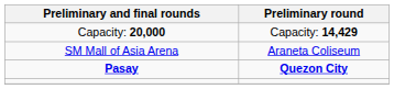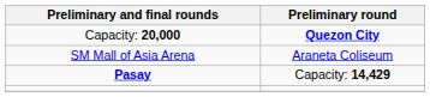 <table class="wikitable" style="text-align:center; width:60%">
 <tr>
 <th>Preliminary and final rounds</th>
 <th>Preliminary round</th>
 </tr>
 <tr>
 <td>Capacity: <strong>20,000</strong></td>
-<td>Capacity: <strong>14,429</strong></td>
+<td><strong><a href='#'>Quezon City</a></strong></td>
 </tr>
 <tr>
 <td><a href='#'>SM Mall of Asia Arena</a></td>
 <td><a href='#'>Araneta Coliseum</a></td>
 </tr>
 <tr>
 <td><strong><a href='#'>Pasay</a></strong></td>
-<td><strong><a href='#'>Quezon City</a></strong></td>
+<td>Capacity: <strong>14,429</strong></td>
 </tr>
 <tr>
 <td></td>
 <td></td>
 </tr>
 <tr>
 </tr>
 </table>
